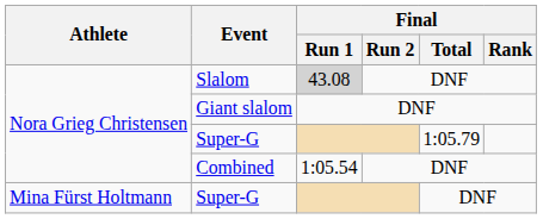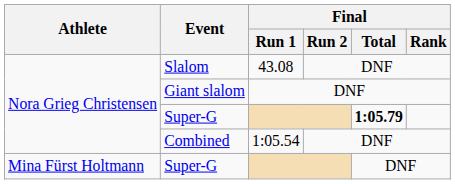 <table class="wikitable">
 <tr>
 <th rowspan="2">Athlete</th>
 <th rowspan="2">Event</th>
 <th colspan="4">Final</th>
 </tr>
 <tr>
 <th>Run 1</th>
 <th>Run 2</th>
 <th>Total</th>
 <th>Rank</th>
 </tr>
 <tr>
 <td rowspan=4><a href='#'>Nora Grieg Christensen</a></td>
 <td><a href='#'>Slalom</a></td>
-<td align="center" style="background: lightgrey;">43.08</td>
+<td align="center">43.08</td>
 <td align="center" colspan=3>DNF</td>
 </tr>
 <tr>
 <td><a href='#'>Giant slalom</a></td>
 <td align="center" colspan=4>DNF</td>
 </tr>
 <tr>
 <td><a href='#'>Super-G</a></td>
 <td colspan=2 bgcolor="wheat"></td>
-<td align="center">1:05.79</td>
+<td align="center"><strong>1:05.79</strong></td>
 <td align="center"></td>
 </tr>
 <tr>
 <td><a href='#'>Combined</a></td>
 <td align="center">1:05.54</td>
 <td align="center" colspan=3>DNF</td>
 </tr>
 <tr>
 <td rowspan=1><a href='#'>Mina Fürst Holtmann</a></td>
 <td><a href='#'>Super-G</a></td>
 <td colspan=2 bgcolor="wheat"></td>
 <td align="center" colspan=2>DNF</td>
 </tr>
 </table>
